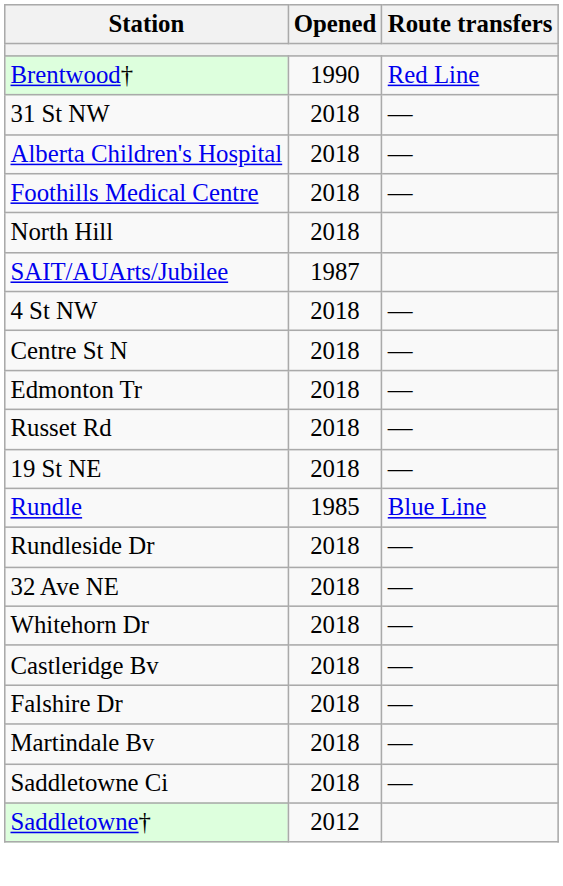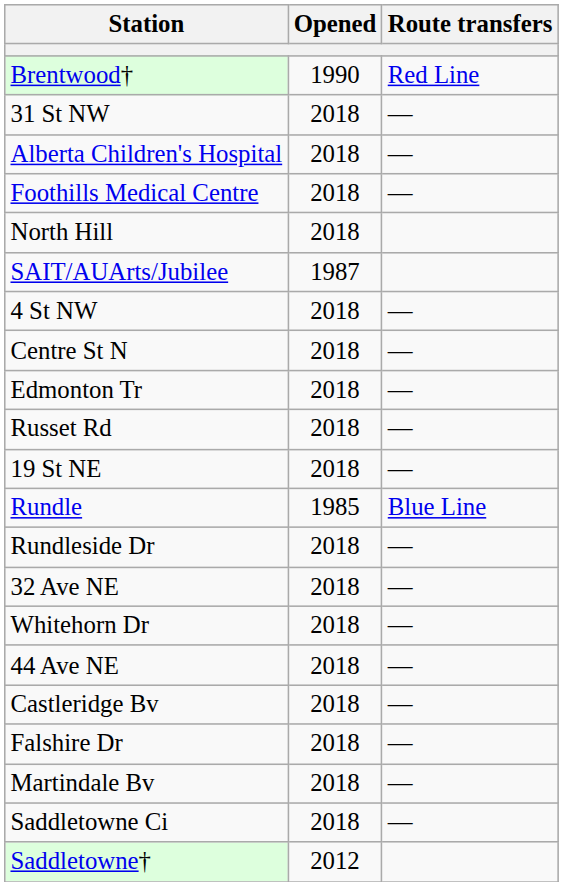 <table class="wikitable sortable">
 <tr>
 <th>Station</th>
 <th data-sort-type="usLongDate">Opened</th>
 <th class="unsortable">Route transfers</th>
 </tr>
 <tr>
 <th colspan=3 style="background:#"></th>
 </tr>
 <tr>
 <td style="background-color:#ddffdd"><a href='#'>Brentwood</a>†</td>
 <td align=center>1990</td>
 <td> <a href='#'>Red Line</a></td>
 </tr>
 <tr>
 <td>31 St NW</td>
 <td align=center>2018</td>
 <td>—</td>
 </tr>
 <tr>
 <td><a href='#'>Alberta Children's Hospital</a></td>
 <td align=center>2018</td>
 <td>—</td>
 </tr>
 <tr>
 <td><a href='#'>Foothills Medical Centre</a></td>
 <td align=center>2018</td>
 <td>—</td>
 </tr>
 <tr>
 <td>North Hill</td>
 <td align=center>2018</td>
 <td></td>
 </tr>
 <tr>
 <td><a href='#'>SAIT/AUArts/Jubilee</a></td>
 <td align=center>1987</td>
 <td></td>
 </tr>
 <tr>
 <td>4 St NW</td>
 <td align=center>2018</td>
 <td>—</td>
 </tr>
 <tr>
 <td>Centre St N</td>
 <td align=center>2018</td>
 <td>—</td>
 </tr>
 <tr>
 <td>Edmonton Tr</td>
 <td align=center>2018</td>
 <td>—</td>
 </tr>
 <tr>
 <td>Russet Rd</td>
 <td align=center>2018</td>
 <td>—</td>
 </tr>
 <tr>
 <td>19 St NE</td>
 <td align=center>2018</td>
 <td>—</td>
 </tr>
 <tr>
 <td><a href='#'>Rundle</a></td>
 <td align=center>1985</td>
 <td> <a href='#'>Blue Line</a></td>
 </tr>
 <tr>
 <td>Rundleside Dr</td>
 <td align=center>2018</td>
 <td>—</td>
 </tr>
 <tr>
 <td>32 Ave NE</td>
 <td align=center>2018</td>
 <td>—</td>
 </tr>
 <tr>
 <td>Whitehorn Dr</td>
 <td align=center>2018</td>
 <td>—</td>
 </tr>
 <tr>
+<td>44 Ave NE</td>
+<td align=center>2018</td>
+<td>—</td>
+</tr>
+<tr>
 <td>Castleridge Bv</td>
 <td align=center>2018</td>
 <td>—</td>
 </tr>
 <tr>
 <td>Falshire Dr</td>
 <td align=center>2018</td>
 <td>—</td>
 </tr>
 <tr>
 <td>Martindale Bv</td>
 <td align=center>2018</td>
 <td>—</td>
 </tr>
 <tr>
 <td>Saddletowne Ci</td>
 <td align=center>2018</td>
 <td>—</td>
 </tr>
 <tr>
 <td style="background-color:#ddffdd"><a href='#'>Saddletowne</a>†</td>
 <td align=center>2012</td>
 <td></td>
 </tr>
 </table>
